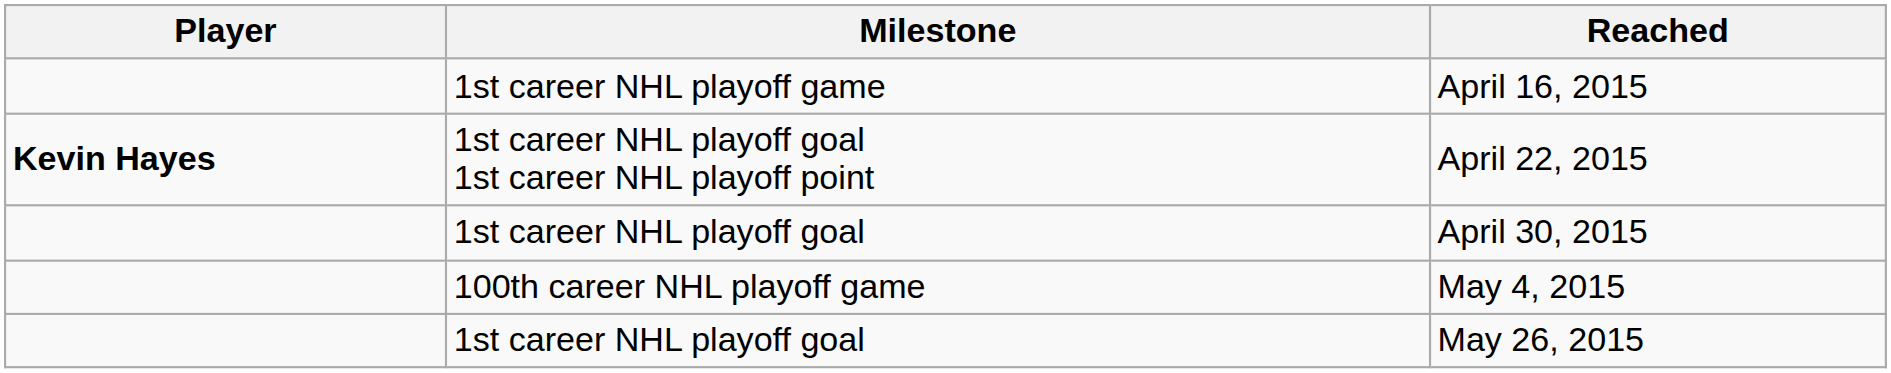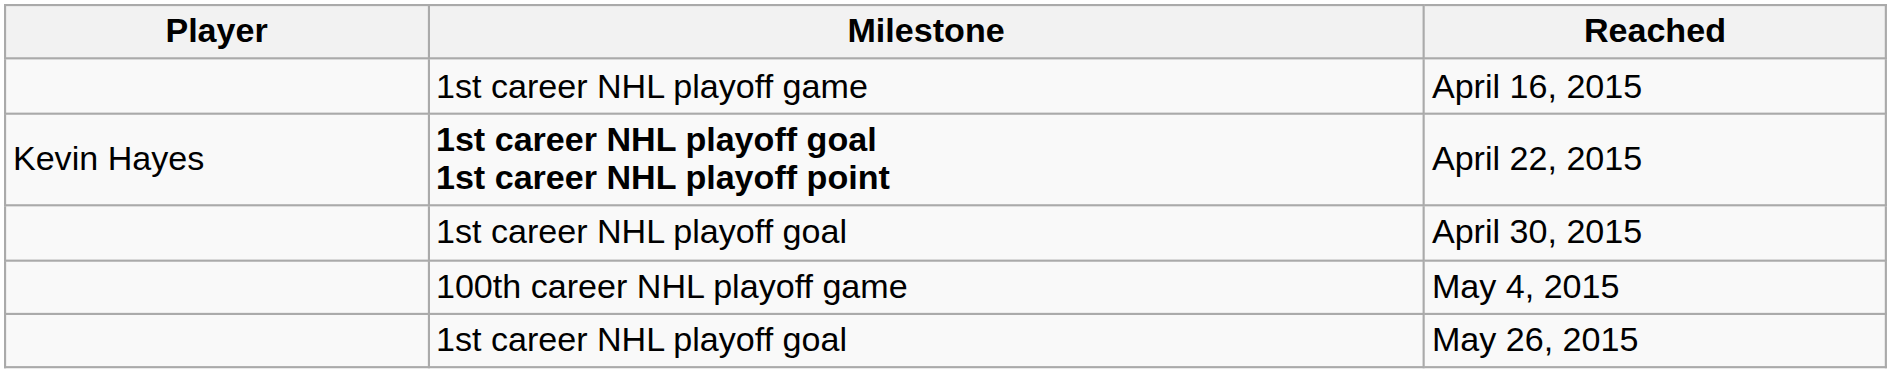 <table class="wikitable sortable" style="width:100%;">
 <tr align=center>
 <th>Player</th>
 <th>Milestone</th>
 <th>Reached</th>
 </tr>
 <tr>
 <td></td>
 <td>1st career NHL playoff game</td>
 <td>April 16, 2015</td>
 </tr>
 <tr>
-<td><strong>Kevin Hayes</strong></td>
-<td>1st career NHL playoff goal<br>1st career NHL playoff point</td>
+<td>Kevin Hayes</td>
+<td><strong>1st career NHL playoff goal<br>1st career NHL playoff point</strong></td>
 <td>April 22, 2015</td>
 </tr>
 <tr>
 <td></td>
 <td>1st career NHL playoff goal</td>
 <td>April 30, 2015</td>
 </tr>
 <tr>
 <td></td>
 <td>100th career NHL playoff game</td>
 <td>May 4, 2015</td>
 </tr>
 <tr>
 <td></td>
 <td>1st career NHL playoff goal</td>
 <td>May 26, 2015</td>
 </tr>
 </table>
